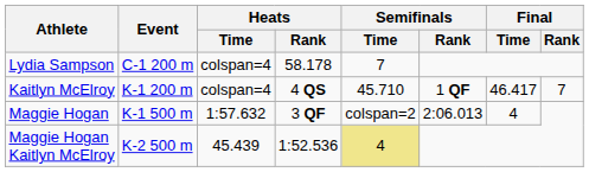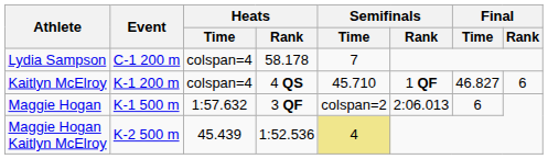 <table class=wikitable style="font-size:90%;">
 <tr>
 <th rowspan="2">Athlete</th>
 <th rowspan="2">Event</th>
 <th colspan=2>Heats</th>
 <th colspan=2>Semifinals</th>
 <th colspan=2>Final</th>
 </tr>
 <tr style="font-size:95%">
 <th>Time</th>
 <th>Rank</th>
 <th>Time</th>
 <th>Rank</th>
 <th>Time</th>
 <th>Rank</th>
 </tr>
 <tr align=center>
 <td align=left><a href='#'>Lydia Sampson</a></td>
 <td align=left><a href='#'>C-1 200 m</a></td>
 <td>colspan=4 </td>
 <td>58.178</td>
 <td>7</td>
 </tr>
 <tr align=center>
 <td align=left><a href='#'>Kaitlyn McElroy</a></td>
 <td align=left><a href='#'>K-1 200 m</a></td>
 <td>colspan=4 </td>
 <td>4 <strong>QS</strong></td>
 <td>45.710</td>
 <td>1 <strong>QF</strong></td>
-<td>46.417</td>
-<td>7</td>
+<td>46.827</td>
+<td>6</td>
 </tr>
 <tr align=center>
 <td align=left><a href='#'>Maggie Hogan</a></td>
 <td align=left><a href='#'>K-1 500 m</a></td>
 <td>1:57.632</td>
 <td>3 <strong>QF</strong></td>
 <td>colspan=2 </td>
 <td>2:06.013</td>
-<td>4</td>
+<td>6</td>
 </tr>
 <tr align=center>
 <td align=left><a href='#'>Maggie Hogan</a><br><a href='#'>Kaitlyn McElroy</a></td>
 <td align=left><a href='#'>K-2 500 m</a></td>
 <td>45.439</td>
 <td>1:52.536</td>
 <td style="background: khaki;">4</td>
 </tr>
 </table>
